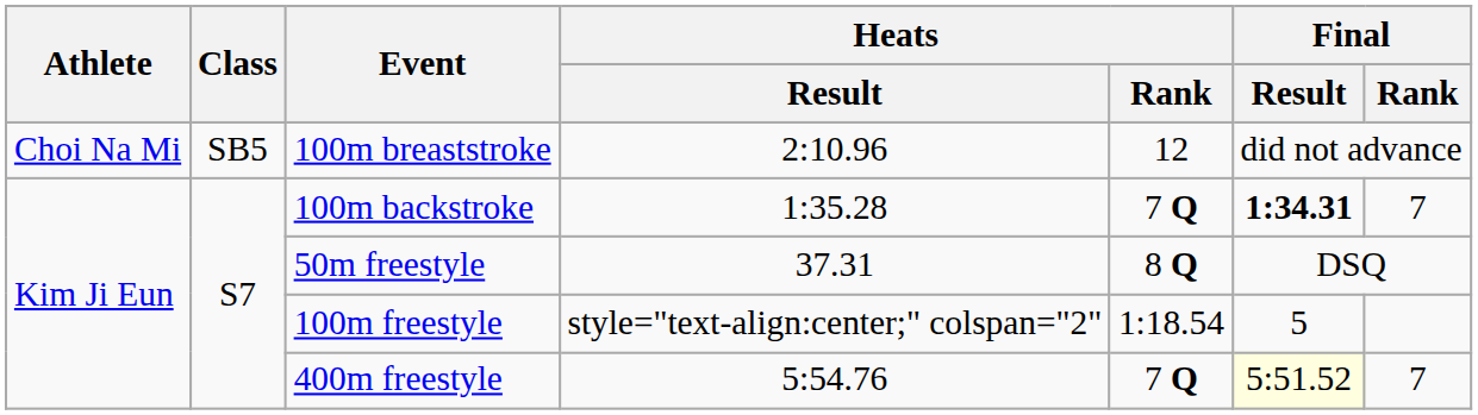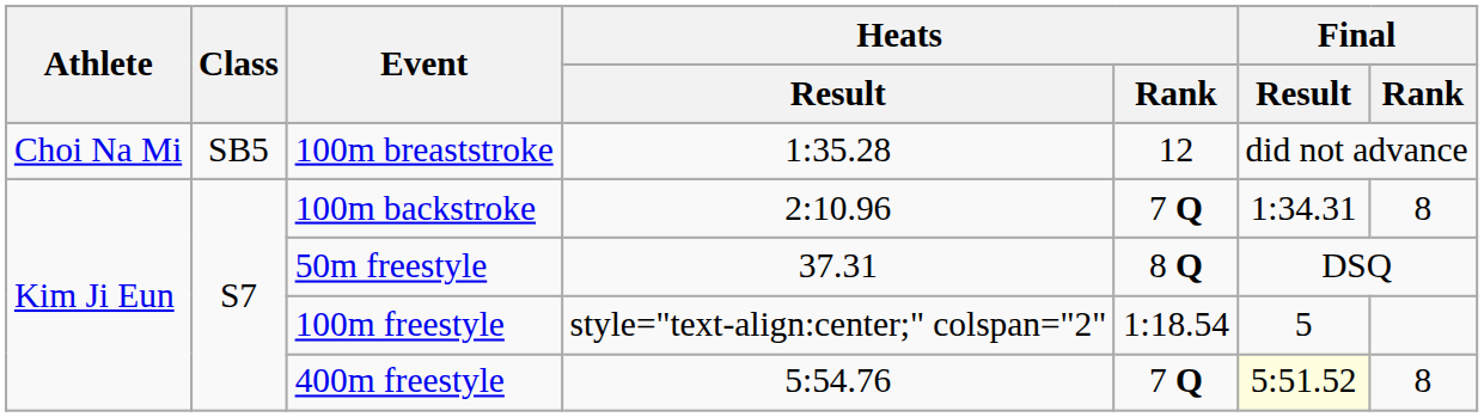 <table class=wikitable style="font-size:90%">
 <tr>
 <th rowspan="2">Athlete</th>
 <th rowspan="2">Class</th>
 <th rowspan="2">Event</th>
 <th colspan="2">Heats</th>
 <th colspan="2">Final</th>
 </tr>
 <tr>
 <th>Result</th>
 <th>Rank</th>
 <th>Result</th>
 <th>Rank</th>
 </tr>
 <tr>
 <td><a href='#'>Choi Na Mi</a></td>
 <td style="text-align:center;">SB5</td>
 <td><a href='#'>100m breaststroke</a></td>
-<td style="text-align:center;">2:10.96</td>
+<td style="text-align:center;">1:35.28</td>
 <td style="text-align:center;">12</td>
 <td style="text-align:center;" colspan="2">did not advance</td>
 </tr>
 <tr>
 <td rowspan="4"><a href='#'>Kim Ji Eun</a></td>
 <td rowspan="4" style="text-align:center;">S7</td>
 <td><a href='#'>100m backstroke</a></td>
-<td style="text-align:center;">1:35.28</td>
+<td style="text-align:center;">2:10.96</td>
 <td style="text-align:center;">7 <strong>Q</strong></td>
-<td style="text-align:center;"><strong>1:34.31</strong></td>
-<td style="text-align:center;">7</td>
+<td style="text-align:center;">1:34.31</td>
+<td style="text-align:center;">8</td>
 </tr>
 <tr>
 <td><a href='#'>50m freestyle</a></td>
 <td style="text-align:center;">37.31</td>
 <td style="text-align:center;">8 <strong>Q</strong></td>
 <td style="text-align:center;" colspan="2">DSQ</td>
 </tr>
 <tr>
 <td><a href='#'>100m freestyle</a></td>
 <td>style="text-align:center;" colspan="2" </td>
 <td style="text-align:center;">1:18.54</td>
 <td style="text-align:center;">5</td>
 </tr>
 <tr>
 <td><a href='#'>400m freestyle</a></td>
 <td style="text-align:center;">5:54.76</td>
 <td style="text-align:center;">7 <strong>Q</strong></td>
 <td style="background: lightyellow; text-align:center;">5:51.52</td>
-<td style="text-align:center;">7</td>
+<td style="text-align:center;">8</td>
 </tr>
 </table>
